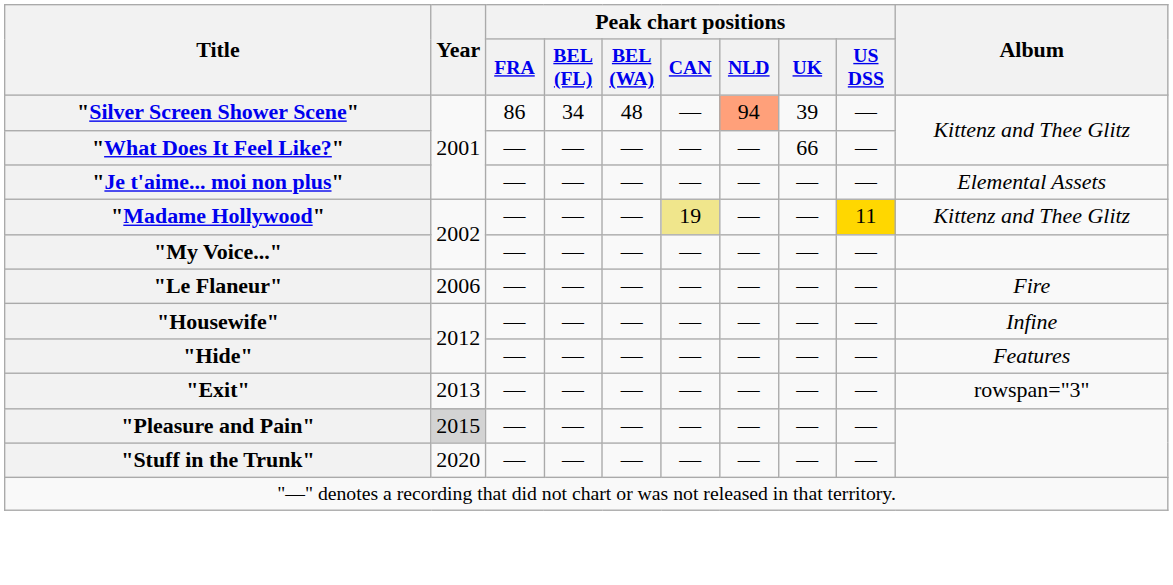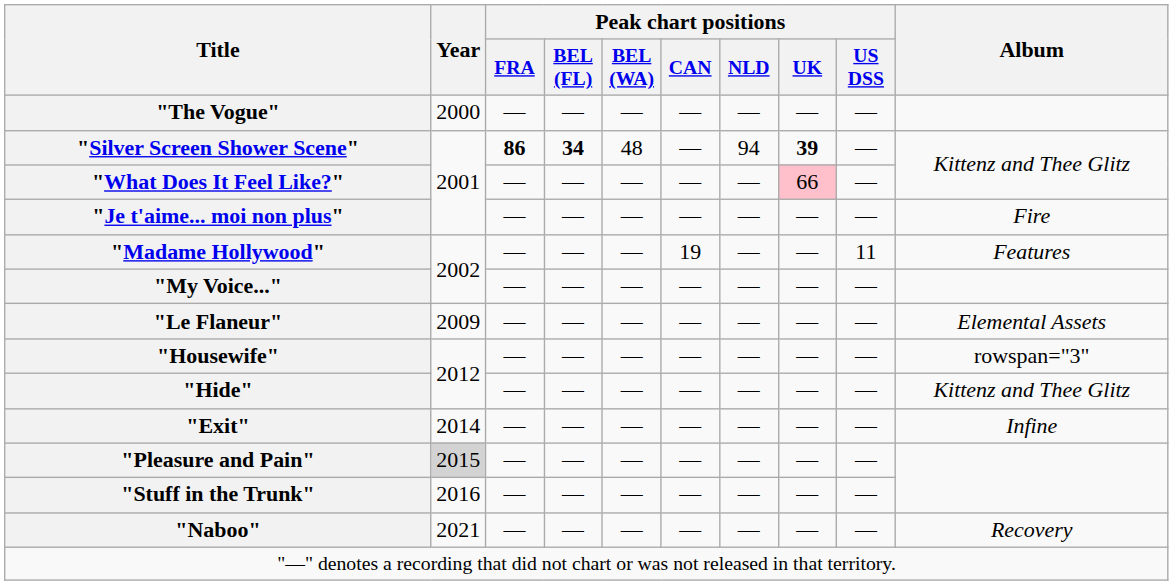 <table class="wikitable plainrowheaders" style="text-align:center;">
 <tr>
 <th scope="col" rowspan="2" style="width:19em;">Title</th>
 <th scope="col" rowspan="2" style="width:1em;">Year</th>
 <th scope="col" colspan="7">Peak chart positions</th>
 <th scope="col" rowspan="2" style="width:12em;">Album</th>
 </tr>
 <tr>
 <th scope="col" style="width:2.5em;font-size:90%;"><a href='#'>FRA</a><br></th>
 <th scope="col" style="width:2.5em;font-size:90%;"><a href='#'>BEL<br>(FL)</a><br></th>
 <th scope="col" style="width:2.5em;font-size:90%;"><a href='#'>BEL<br>(WA)</a><br></th>
 <th scope="col" style="width:2.5em;font-size:90%;"><a href='#'>CAN</a><br></th>
 <th scope="col" style="width:2.5em;font-size:90%;"><a href='#'>NLD</a><br></th>
 <th scope="col" style="width:2.5em;font-size:90%;"><a href='#'>UK</a><br></th>
 <th scope="col" style="width:2.5em;font-size:90%;"><a href='#'>US<br>DSS</a><br></th>
 </tr>
 <tr>
+<th scope="row">"The Vogue"<br></th>
+<td>2000</td>
+<td>—</td>
+<td>—</td>
+<td>—</td>
+<td>—</td>
+<td>—</td>
+<td>—</td>
+<td>—</td>
+<td></td>
+</tr>
+<tr>
 <th scope="row">"<a href='#'>Silver Screen Shower Scene</a>"<br></th>
 <td rowspan="3">2001</td>
-<td>86</td>
-<td>34</td>
+<td><strong>86</strong></td>
+<td><strong>34</strong></td>
 <td>48</td>
 <td>—</td>
-<td style="background: lightsalmon;">94</td>
-<td>39</td>
+<td>94</td>
+<td><strong>39</strong></td>
 <td>—</td>
 <td rowspan="2"><em>Kittenz and Thee Glitz</em></td>
 </tr>
 <tr>
 <th scope="row">"<a href='#'>What Does It Feel Like?</a>"<br></th>
 <td>—</td>
 <td>—</td>
 <td>—</td>
 <td>—</td>
 <td>—</td>
-<td>66</td>
+<td style="background: pink;">66</td>
 <td>—</td>
 </tr>
 <tr>
 <th scope="row">"<a href='#'>Je t'aime... moi non plus</a>"<br></th>
 <td>—</td>
 <td>—</td>
 <td>—</td>
 <td>—</td>
 <td>—</td>
 <td>—</td>
 <td>—</td>
-<td><em>Elemental Assets</em></td>
+<td><em>Fire</em></td>
 </tr>
 <tr>
 <th scope="row">"<a href='#'>Madame Hollywood</a>"<br></th>
 <td rowspan="2">2002</td>
 <td>—</td>
 <td>—</td>
 <td>—</td>
-<td style="background: khaki;">19</td>
+<td>19</td>
 <td>—</td>
 <td>—</td>
-<td style="background: gold;">11</td>
-<td><em>Kittenz and Thee Glitz</em></td>
+<td>11</td>
+<td><em>Features</em></td>
 </tr>
 <tr>
 <th scope="row">"My Voice..."<br></th>
 <td>—</td>
 <td>—</td>
 <td>—</td>
 <td>—</td>
 <td>—</td>
 <td>—</td>
 <td>—</td>
 <td></td>
 </tr>
 <tr>
 <th scope="row">"Le Flaneur"<br></th>
-<td>2006</td>
+<td>2009</td>
 <td>—</td>
 <td>—</td>
 <td>—</td>
 <td>—</td>
 <td>—</td>
 <td>—</td>
 <td>—</td>
-<td><em>Fire</em></td>
+<td><em>Elemental Assets</em></td>
 </tr>
 <tr>
 <th scope="row">"Housewife"<br></th>
 <td rowspan="2">2012</td>
 <td>—</td>
 <td>—</td>
 <td>—</td>
 <td>—</td>
 <td>—</td>
 <td>—</td>
 <td>—</td>
-<td><em>Infine</em></td>
+<td>rowspan="3" </td>
 </tr>
 <tr>
 <th scope="row">"Hide"<br></th>
 <td>—</td>
 <td>—</td>
 <td>—</td>
 <td>—</td>
 <td>—</td>
 <td>—</td>
 <td>—</td>
-<td><em>Features</em></td>
+<td><em>Kittenz and Thee Glitz</em></td>
 </tr>
 <tr>
 <th scope="row">"Exit"<br></th>
-<td>2013</td>
+<td>2014</td>
 <td>—</td>
 <td>—</td>
 <td>—</td>
 <td>—</td>
 <td>—</td>
 <td>—</td>
 <td>—</td>
-<td>rowspan="3" </td>
+<td><em>Infine</em></td>
 </tr>
 <tr>
 <th scope="row">"Pleasure and Pain"<br></th>
 <td style="background: lightgrey;">2015</td>
 <td>—</td>
 <td>—</td>
 <td>—</td>
 <td>—</td>
 <td>—</td>
 <td>—</td>
 <td>—</td>
 </tr>
 <tr>
 <th scope="row">"Stuff in the Trunk"<br></th>
-<td>2020</td>
+<td>2016</td>
 <td>—</td>
 <td>—</td>
 <td>—</td>
 <td>—</td>
 <td>—</td>
 <td>—</td>
 <td>—</td>
 </tr>
 <tr>
+<th scope="row">"Naboo"<br></th>
+<td>2021</td>
+<td>—</td>
+<td>—</td>
+<td>—</td>
+<td>—</td>
+<td>—</td>
+<td>—</td>
+<td>—</td>
+<td><em>Recovery</em></td>
+</tr>
+<tr>
 <td colspan="10" style="font-size:90%">"—" denotes a recording that did not chart or was not released in that territory.</td>
 </tr>
 </table>
